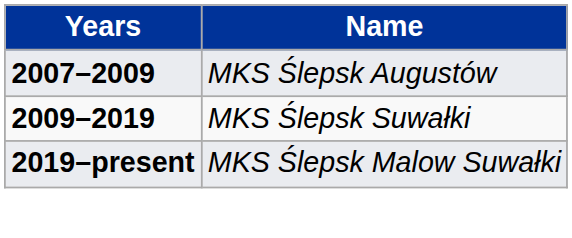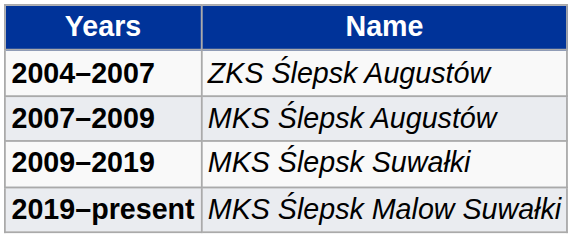 <table class="wikitable" style="font-size:100%">
 <tr>
 <th style="color:#FFFFFF; background-color:#003399;">Years</th>
 <th style="color:#FFFFFF; background-color:#003399;">Name</th>
+</tr>
+<tr>
+<td><strong>2004–2007</strong></td>
+<td><em>ZKS Ślepsk Augustów</em></td>
 </tr>
 <tr style="background:#EAECF0">
 <td><strong>2007–2009</strong></td>
 <td><em>MKS Ślepsk Augustów</em></td>
 </tr>
 <tr>
 <td><strong>2009–2019</strong></td>
 <td><em>MKS Ślepsk Suwałki</em></td>
 </tr>
 <tr style="background:#EAECF0">
 <td><strong>2019–present</strong></td>
 <td><em>MKS Ślepsk Malow Suwałki</em></td>
 </tr>
 </table>
